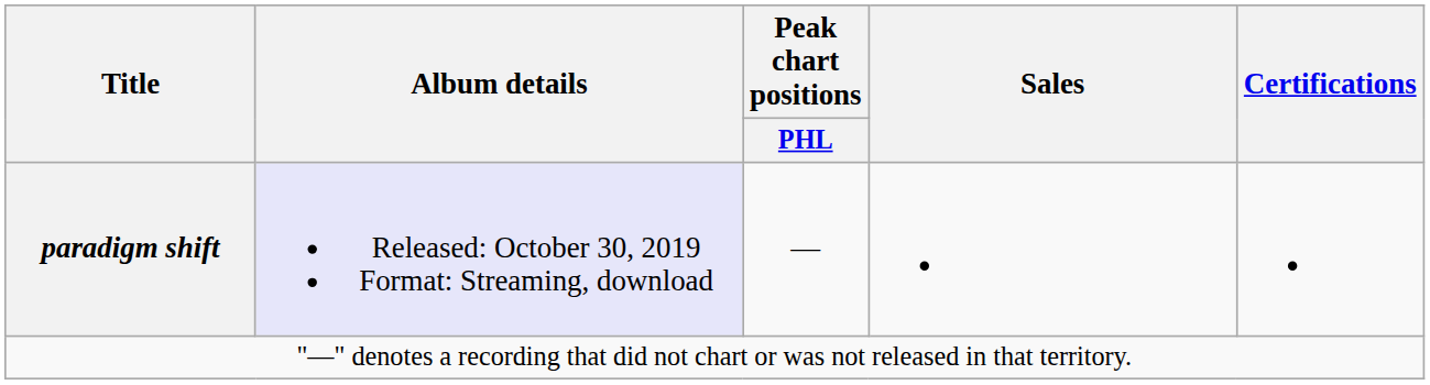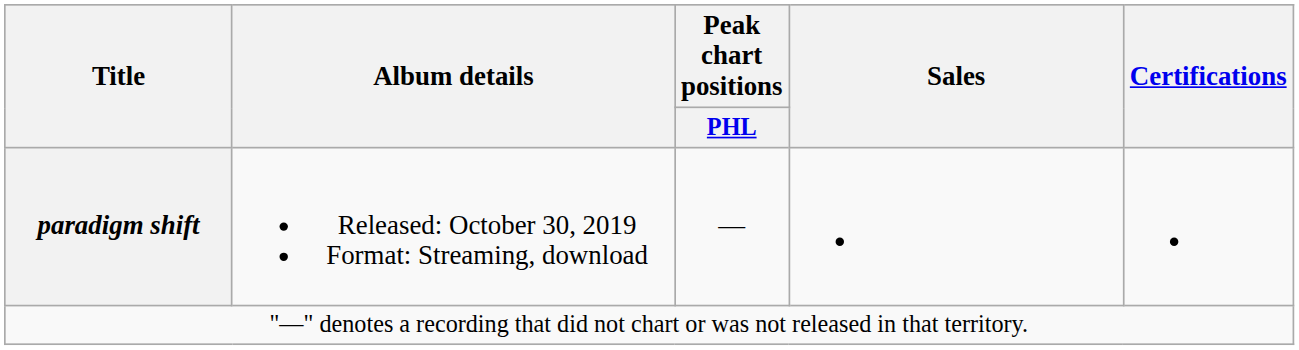 <table class="wikitable plainrowheaders" style="text-align:center;" border="1">
 <tr>
 <th scope="col" rowspan="2" style="width:8em;">Title</th>
 <th scope="col" rowspan="2" style="width:16em;">Album details</th>
 <th scope="col">Peak chart positions</th>
 <th scope="col" rowspan="2" style="width:12em;">Sales</th>
 <th scope="col" rowspan="2"><a href='#'>Certifications</a></th>
 </tr>
 <tr>
 <th scope="col" style="width:2.2em;font-size:90%;"><a href='#'>PHL</a><br></th>
 </tr>
 <tr>
 <th scope="row"><em>paradigm shift</em></th>
-<td style="background: lavender;"><br><ul><li>Released: October 30, 2019</li><li>Format: Streaming, download</li></ul></td>
+<td><br><ul><li>Released: October 30, 2019</li><li>Format: Streaming, download</li></ul></td>
 <td>—</td>
 <td><br><ul><li></li></ul></td>
 <td><br><ul><li></li></ul></td>
 </tr>
 <tr>
 <td colspan="14" style="font-size:90%">"—" denotes a recording that did not chart or was not released in that territory.</td>
 </tr>
 </table>
